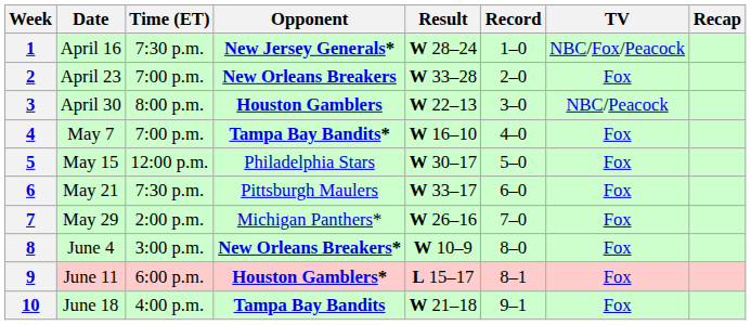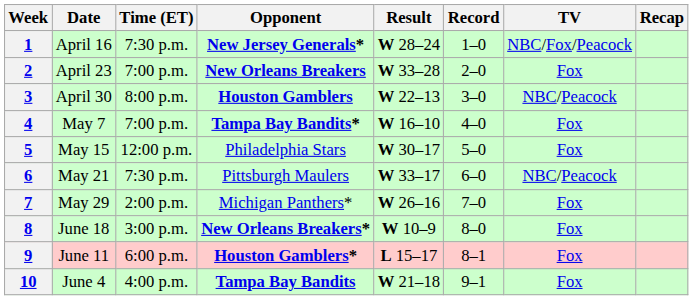 <table class="wikitable" style="text-align:center">
 <tr>
 <th>Week</th>
 <th>Date</th>
 <th>Time (ET)</th>
 <th>Opponent</th>
 <th>Result</th>
 <th>Record</th>
 <th>TV</th>
 <th>Recap</th>
 </tr>
 <tr style="background:#ccffcc">
 <th><a href='#'>1</a></th>
 <td>April 16</td>
 <td>7:30 p.m.</td>
 <td><strong><a href='#'>New Jersey Generals</a>*</strong></td>
 <td><strong>W</strong> 28–24</td>
 <td>1–0</td>
 <td><a href='#'>NBC</a>/<a href='#'>Fox</a>/<a href='#'>Peacock</a></td>
 <td></td>
 </tr>
 <tr style="background:#ccffcc">
 <th><a href='#'>2</a></th>
 <td>April 23</td>
 <td>7:00 p.m.</td>
 <td><strong><a href='#'>New Orleans Breakers</a></strong></td>
 <td><strong>W</strong> 33–28</td>
 <td>2–0</td>
 <td><a href='#'>Fox</a></td>
 <td></td>
 </tr>
 <tr style="background:#ccffcc">
 <th><a href='#'>3</a></th>
 <td>April 30</td>
 <td>8:00 p.m.</td>
 <td><strong><a href='#'>Houston Gamblers</a></strong></td>
 <td><strong>W</strong> 22–13</td>
 <td>3–0</td>
 <td><a href='#'>NBC</a>/<a href='#'>Peacock</a></td>
 <td></td>
 </tr>
 <tr style="background:#ccffcc">
 <th><a href='#'>4</a></th>
 <td>May 7</td>
 <td>7:00 p.m.</td>
 <td><strong><a href='#'>Tampa Bay Bandits</a>*</strong></td>
 <td><strong>W</strong> 16–10</td>
 <td>4–0</td>
 <td><a href='#'>Fox</a></td>
 <td></td>
 </tr>
 <tr style="background:#ccffcc">
 <th><a href='#'>5</a></th>
 <td>May 15</td>
 <td>12:00 p.m.</td>
 <td><a href='#'>Philadelphia Stars</a></td>
 <td><strong>W</strong> 30–17</td>
 <td>5–0</td>
 <td><a href='#'>Fox</a></td>
 <td></td>
 </tr>
 <tr style="background:#ccffcc">
 <th><a href='#'>6</a></th>
 <td>May 21</td>
 <td>7:30 p.m.</td>
 <td><a href='#'>Pittsburgh Maulers</a></td>
 <td><strong>W</strong> 33–17</td>
 <td>6–0</td>
-<td><a href='#'>Fox</a></td>
+<td><a href='#'>NBC</a>/<a href='#'>Peacock</a></td>
 <td></td>
 </tr>
 <tr style="background:#ccffcc">
 <th><a href='#'>7</a></th>
 <td>May 29</td>
 <td>2:00 p.m.</td>
 <td><a href='#'>Michigan Panthers</a>*</td>
 <td><strong>W</strong> 26–16</td>
 <td>7–0</td>
 <td><a href='#'>Fox</a></td>
 <td></td>
 </tr>
 <tr style="background:#ccffcc">
 <th><a href='#'>8</a></th>
-<td>June 4</td>
+<td>June 18</td>
 <td>3:00 p.m.</td>
 <td><strong><a href='#'>New Orleans Breakers</a>*</strong></td>
 <td><strong>W</strong> 10–9</td>
 <td>8–0</td>
 <td><a href='#'>Fox</a></td>
 <td></td>
 </tr>
 <tr style="background:#ffcccc">
 <th><a href='#'>9</a></th>
 <td>June 11</td>
 <td>6:00 p.m.</td>
 <td><strong><a href='#'>Houston Gamblers</a>*</strong></td>
 <td><strong>L</strong> 15–17</td>
 <td>8–1</td>
 <td><a href='#'>Fox</a></td>
 <td></td>
 </tr>
 <tr style="background:#ccffcc">
 <th><a href='#'>10</a></th>
-<td>June 18</td>
+<td>June 4</td>
 <td>4:00 p.m.</td>
 <td><strong><a href='#'>Tampa Bay Bandits</a></strong></td>
 <td><strong>W</strong> 21–18</td>
 <td>9–1</td>
 <td><a href='#'>Fox</a></td>
 <td></td>
 </tr>
 </table>
